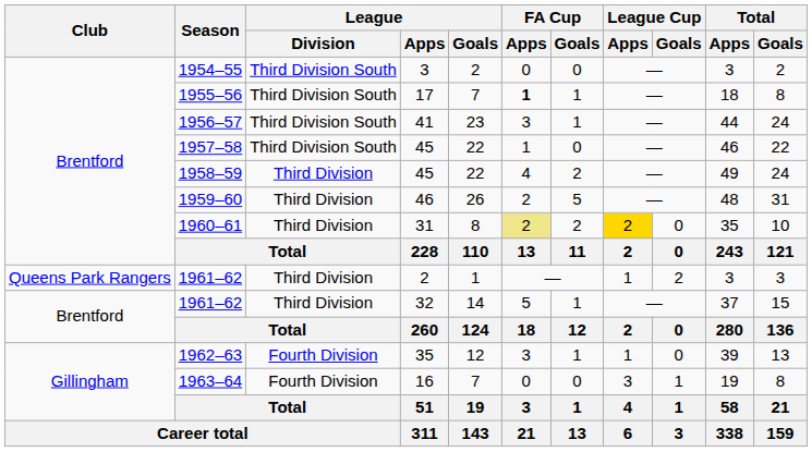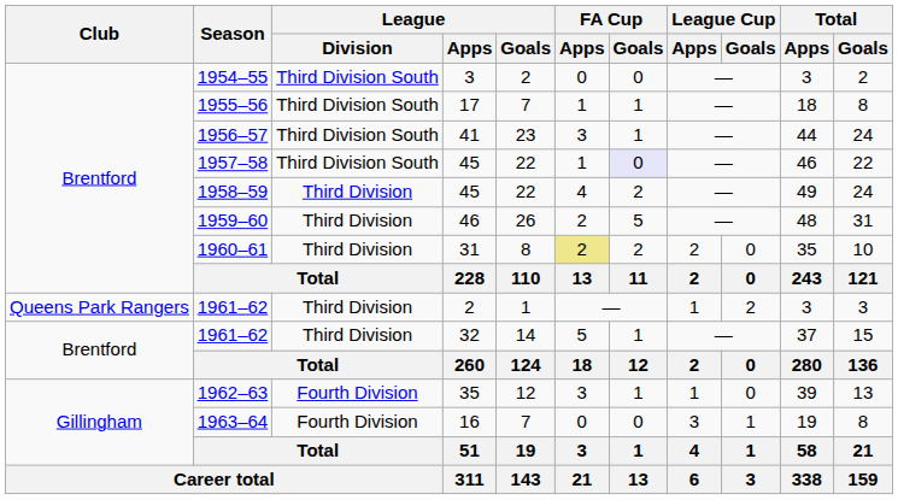 <table class="wikitable" style="text-align: center;">
 <tr>
 <th rowspan="2">Club</th>
 <th rowspan="2">Season</th>
 <th colspan="3">League</th>
 <th colspan="2">FA Cup</th>
 <th colspan="2">League Cup</th>
 <th colspan="2">Total</th>
 </tr>
 <tr>
 <th>Division</th>
 <th>Apps</th>
 <th>Goals</th>
 <th>Apps</th>
 <th>Goals</th>
 <th>Apps</th>
 <th>Goals</th>
 <th>Apps</th>
 <th>Goals</th>
 </tr>
 <tr>
 <td rowspan="8"><a href='#'>Brentford</a></td>
 <td><a href='#'>1954–55</a></td>
 <td><a href='#'>Third Division South</a></td>
 <td>3</td>
 <td>2</td>
 <td>0</td>
 <td>0</td>
 <td colspan="2">—</td>
 <td>3</td>
 <td>2</td>
 </tr>
 <tr>
 <td><a href='#'>1955–56</a></td>
 <td>Third Division South</td>
 <td>17</td>
 <td>7</td>
-<td><strong>1</strong></td>
+<td>1</td>
 <td>1</td>
 <td colspan="2">—</td>
 <td>18</td>
 <td>8</td>
 </tr>
 <tr>
 <td><a href='#'>1956–57</a></td>
 <td>Third Division South</td>
 <td>41</td>
 <td>23</td>
 <td>3</td>
 <td>1</td>
 <td colspan="2">—</td>
 <td>44</td>
 <td>24</td>
 </tr>
 <tr>
 <td><a href='#'>1957–58</a></td>
 <td>Third Division South</td>
 <td>45</td>
 <td>22</td>
 <td>1</td>
-<td>0</td>
+<td style="background: lavender;">0</td>
 <td colspan="2">—</td>
 <td>46</td>
 <td>22</td>
 </tr>
 <tr>
 <td><a href='#'>1958–59</a></td>
 <td><a href='#'>Third Division</a></td>
 <td>45</td>
 <td>22</td>
 <td>4</td>
 <td>2</td>
 <td colspan="2">—</td>
 <td>49</td>
 <td>24</td>
 </tr>
 <tr>
 <td><a href='#'>1959–60</a></td>
 <td>Third Division</td>
 <td>46</td>
 <td>26</td>
 <td>2</td>
 <td>5</td>
 <td colspan="2">—</td>
 <td>48</td>
 <td>31</td>
 </tr>
 <tr>
 <td><a href='#'>1960–61</a></td>
 <td>Third Division</td>
 <td>31</td>
 <td>8</td>
 <td style="background: khaki;">2</td>
 <td>2</td>
-<td style="background: gold;">2</td>
+<td>2</td>
 <td>0</td>
 <td>35</td>
 <td>10</td>
 </tr>
 <tr>
 <th colspan="2">Total</th>
 <th>228</th>
 <th>110</th>
 <th>13</th>
 <th>11</th>
 <th>2</th>
 <th>0</th>
 <th>243</th>
 <th>121</th>
 </tr>
 <tr>
 <td><a href='#'>Queens Park Rangers</a></td>
 <td><a href='#'>1961–62</a></td>
 <td>Third Division</td>
 <td>2</td>
 <td>1</td>
 <td colspan="2">—</td>
 <td>1</td>
 <td>2</td>
 <td>3</td>
 <td>3</td>
 </tr>
 <tr>
 <td rowspan="2">Brentford</td>
 <td><a href='#'>1961–62</a></td>
 <td>Third Division</td>
 <td>32</td>
 <td>14</td>
 <td>5</td>
 <td>1</td>
 <td colspan="2">—</td>
 <td>37</td>
 <td>15</td>
 </tr>
 <tr>
 <th colspan="2">Total</th>
 <th>260</th>
 <th>124</th>
 <th>18</th>
 <th>12</th>
 <th>2</th>
 <th>0</th>
 <th>280</th>
 <th>136</th>
 </tr>
 <tr>
 <td rowspan="3"><a href='#'>Gillingham</a></td>
 <td><a href='#'>1962–63</a></td>
 <td><a href='#'>Fourth Division</a></td>
 <td>35</td>
 <td>12</td>
 <td>3</td>
 <td>1</td>
 <td>1</td>
 <td>0</td>
 <td>39</td>
 <td>13</td>
 </tr>
 <tr>
 <td><a href='#'>1963–64</a></td>
 <td>Fourth Division</td>
 <td>16</td>
 <td>7</td>
 <td>0</td>
 <td>0</td>
 <td>3</td>
 <td>1</td>
 <td>19</td>
 <td>8</td>
 </tr>
 <tr>
 <th colspan="2">Total</th>
 <th>51</th>
 <th>19</th>
 <th>3</th>
 <th>1</th>
 <th>4</th>
 <th>1</th>
 <th>58</th>
 <th>21</th>
 </tr>
 <tr>
 <th colspan="3">Career total</th>
 <th>311</th>
 <th>143</th>
 <th>21</th>
 <th>13</th>
 <th>6</th>
 <th>3</th>
 <th>338</th>
 <th>159</th>
 </tr>
 </table>
